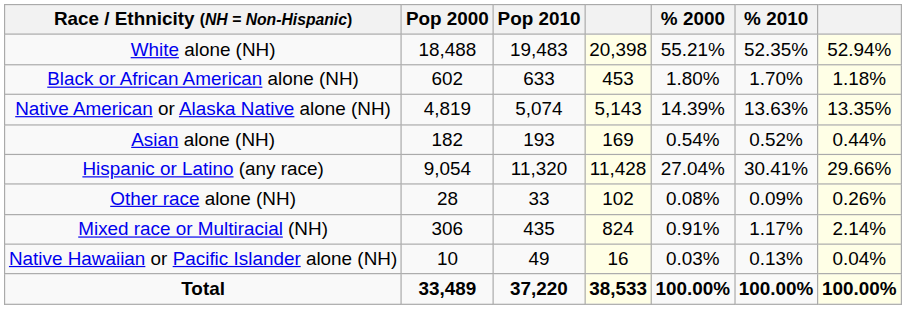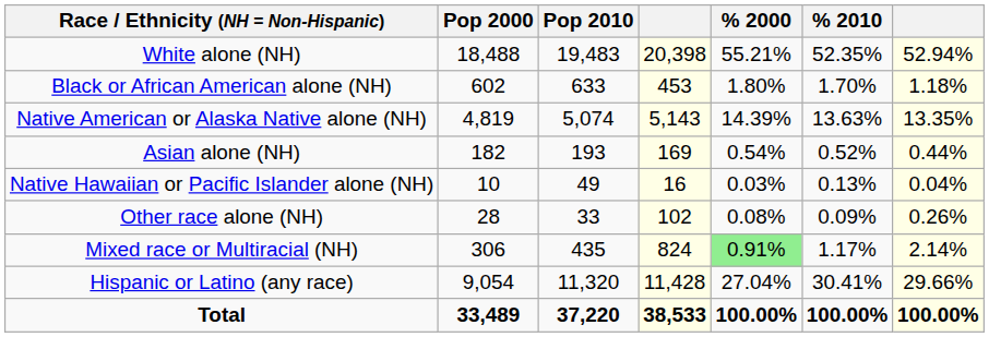 <table class="wikitable" style="text-align:center;">
 <tr>
 <th>Race / Ethnicity <small>(<em>NH = Non-Hispanic</em>)</small></th>
 <th>Pop 2000</th>
 <th>Pop 2010</th>
 <th></th>
 <th>% 2000</th>
 <th>% 2010</th>
 <th></th>
 </tr>
 <tr>
 <td><a href='#'>White</a> alone (NH)</td>
 <td>18,488</td>
 <td>19,483</td>
 <td style='background: #ffffe6;'>20,398</td>
 <td>55.21%</td>
 <td>52.35%</td>
 <td style='background: #ffffe6;'>52.94%</td>
 </tr>
 <tr>
 <td><a href='#'>Black or African American</a> alone (NH)</td>
 <td>602</td>
 <td>633</td>
 <td style='background: #ffffe6;'>453</td>
 <td>1.80%</td>
 <td>1.70%</td>
 <td style='background: #ffffe6;'>1.18%</td>
 </tr>
 <tr>
 <td><a href='#'>Native American</a> or <a href='#'>Alaska Native</a> alone (NH)</td>
 <td>4,819</td>
 <td>5,074</td>
 <td style='background: #ffffe6;'>5,143</td>
 <td>14.39%</td>
 <td>13.63%</td>
 <td style='background: #ffffe6;'>13.35%</td>
 </tr>
 <tr>
 <td><a href='#'>Asian</a> alone (NH)</td>
 <td>182</td>
 <td>193</td>
 <td style='background: #ffffe6;'>169</td>
 <td>0.54%</td>
 <td>0.52%</td>
 <td style='background: #ffffe6;'>0.44%</td>
 </tr>
 <tr>
-<td><a href='#'>Hispanic or Latino</a> (any race)</td>
-<td>9,054</td>
-<td>11,320</td>
-<td style='background: #ffffe6;'>11,428</td>
-<td>27.04%</td>
-<td>30.41%</td>
-<td style='background: #ffffe6;'>29.66%</td>
+<td><a href='#'>Native Hawaiian</a> or <a href='#'>Pacific Islander</a> alone (NH)</td>
+<td>10</td>
+<td>49</td>
+<td style='background: #ffffe6;'>16</td>
+<td>0.03%</td>
+<td>0.13%</td>
+<td style='background: #ffffe6;'>0.04%</td>
 </tr>
 <tr>
 <td><a href='#'>Other race</a> alone (NH)</td>
 <td>28</td>
 <td>33</td>
 <td style='background: #ffffe6;'>102</td>
 <td>0.08%</td>
 <td>0.09%</td>
 <td style='background: #ffffe6;'>0.26%</td>
 </tr>
 <tr>
 <td><a href='#'>Mixed race or Multiracial</a> (NH)</td>
 <td>306</td>
 <td>435</td>
 <td style='background: #ffffe6;'>824</td>
-<td>0.91%</td>
+<td style="background: lightgreen;">0.91%</td>
 <td>1.17%</td>
 <td style='background: #ffffe6;'>2.14%</td>
 </tr>
 <tr>
-<td><a href='#'>Native Hawaiian</a> or <a href='#'>Pacific Islander</a> alone (NH)</td>
-<td>10</td>
-<td>49</td>
-<td style='background: #ffffe6;'>16</td>
-<td>0.03%</td>
-<td>0.13%</td>
-<td style='background: #ffffe6;'>0.04%</td>
+<td><a href='#'>Hispanic or Latino</a> (any race)</td>
+<td>9,054</td>
+<td>11,320</td>
+<td style='background: #ffffe6;'>11,428</td>
+<td>27.04%</td>
+<td>30.41%</td>
+<td style='background: #ffffe6;'>29.66%</td>
 </tr>
 <tr>
 <td><strong>Total</strong></td>
 <td><strong>33,489</strong></td>
 <td><strong>37,220</strong></td>
 <td style='background: #ffffe6;'><strong>38,533</strong></td>
 <td><strong>100.00%</strong></td>
 <td><strong>100.00%</strong></td>
 <td style='background: #ffffe6;'><strong>100.00%</strong></td>
 </tr>
 </table>
